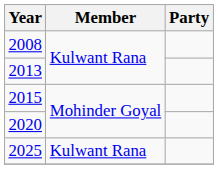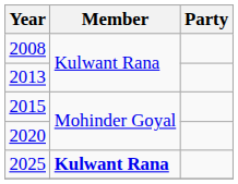 <table class="wikitable">
 <tr>
 <th>Year</th>
 <th>Member</th>
 <th colspan=2>Party</th>
 </tr>
 <tr>
 <td><a href='#'>2008</a></td>
 <td rowspan="2"><a href='#'>Kulwant Rana</a></td>
 <td></td>
 </tr>
 <tr>
 <td><a href='#'>2013</a></td>
 </tr>
 <tr>
 <td><a href='#'>2015</a></td>
 <td rowspan="2"><a href='#'>Mohinder Goyal</a></td>
 <td></td>
 </tr>
 <tr>
 <td><a href='#'>2020</a></td>
 </tr>
 <tr>
 <td><a href='#'>2025</a></td>
-<td><a href='#'>Kulwant Rana</a></td>
+<td><strong><a href='#'>Kulwant Rana</a></strong></td>
 <td></td>
 </tr>
 <tr>
 </tr>
 </table>
